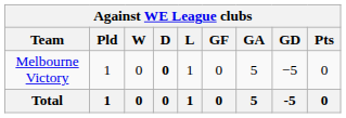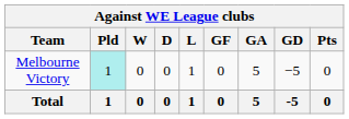 <table class="wikitable" width="60%" style="text-align:center">
 <tr>
 <th colspan="9">Against <a href='#'>WE League</a> clubs</th>
 </tr>
 <tr>
 <th width="10%">Team</th>
 <th width="5%">Pld</th>
 <th width="5%">W</th>
 <th width="5%">D</th>
 <th width="5%">L</th>
 <th width="5%">GF</th>
 <th width="5%">GA</th>
 <th width="5%">GD</th>
 <th width="5%">Pts</th>
 </tr>
 <tr>
 <td><a href='#'>Melbourne Victory</a></td>
-<td>1</td>
+<td style="background: paleturquoise;">1</td>
 <td>0</td>
-<td><strong>0</strong></td>
+<td>0</td>
 <td>1</td>
 <td>0</td>
 <td>5</td>
 <td>−5</td>
 <td>0</td>
 </tr>
 <tr>
 <th>Total</th>
 <th>1</th>
 <th>0</th>
 <th>0</th>
 <th>1</th>
 <th>0</th>
 <th>5</th>
 <th>-5</th>
 <th>0</th>
 </tr>
 </table>
